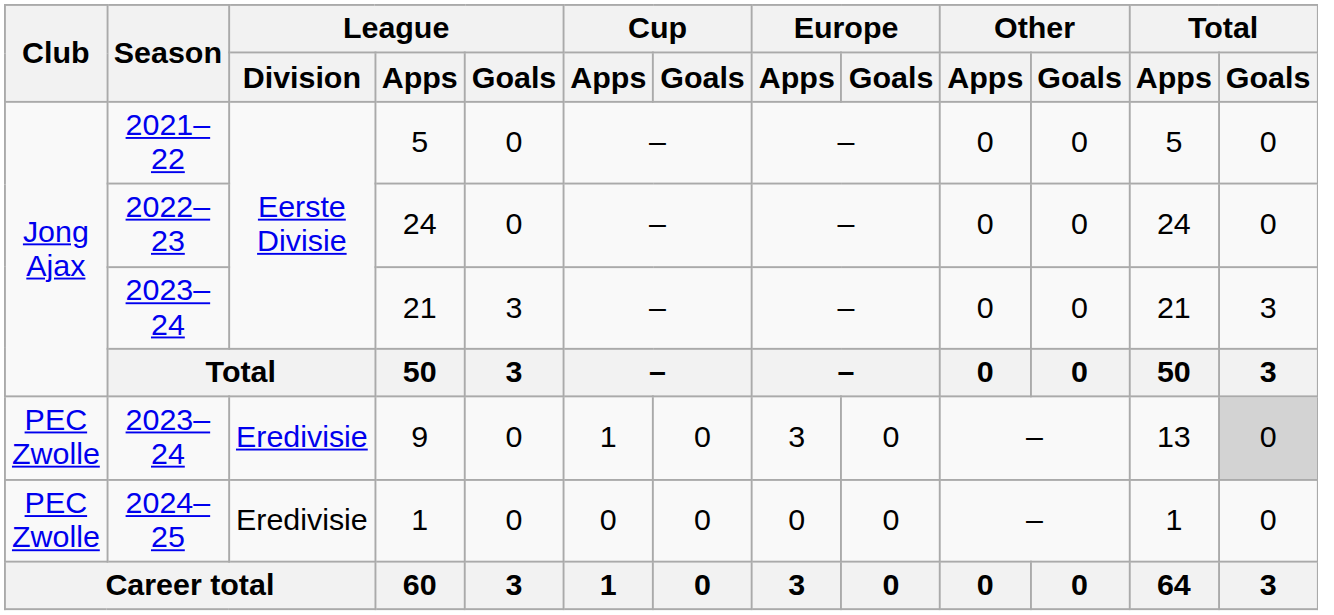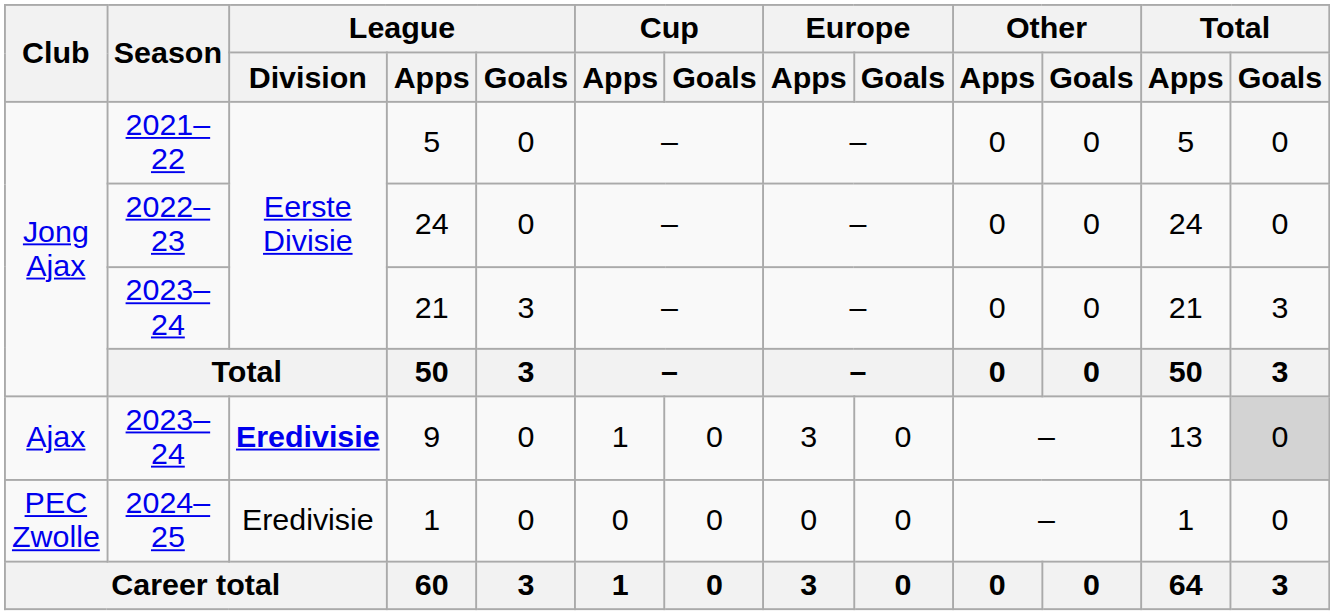 <table class="wikitable" style="text-align: center">
 <tr>
 <th rowspan="2">Club</th>
 <th rowspan="2">Season</th>
 <th colspan="3">League</th>
 <th colspan="2">Cup</th>
 <th colspan="2">Europe</th>
 <th colspan="2">Other</th>
 <th colspan="2">Total</th>
 </tr>
 <tr>
 <th>Division</th>
 <th>Apps</th>
 <th>Goals</th>
 <th>Apps</th>
 <th>Goals</th>
 <th>Apps</th>
 <th>Goals</th>
 <th>Apps</th>
 <th>Goals</th>
 <th>Apps</th>
 <th>Goals</th>
 </tr>
 <tr>
 <td rowspan="4"><a href='#'>Jong Ajax</a></td>
 <td><a href='#'>2021–22</a></td>
 <td rowspan="3"><a href='#'>Eerste Divisie</a></td>
 <td>5</td>
 <td>0</td>
 <td colspan="2">–</td>
 <td colspan="2">–</td>
 <td>0</td>
 <td>0</td>
 <td>5</td>
 <td>0</td>
 </tr>
 <tr>
 <td><a href='#'>2022–23</a></td>
 <td>24</td>
 <td>0</td>
 <td colspan="2">–</td>
 <td colspan="2">–</td>
 <td>0</td>
 <td>0</td>
 <td>24</td>
 <td>0</td>
 </tr>
 <tr>
 <td><a href='#'>2023–24</a></td>
 <td>21</td>
 <td>3</td>
 <td colspan="2">–</td>
 <td colspan="2">–</td>
 <td>0</td>
 <td>0</td>
 <td>21</td>
 <td>3</td>
 </tr>
 <tr>
 <th colspan="2">Total</th>
 <th>50</th>
 <th>3</th>
 <th colspan="2">–</th>
 <th colspan="2">–</th>
 <th>0</th>
 <th>0</th>
 <th>50</th>
 <th>3</th>
 </tr>
 <tr>
-<td><a href='#'>PEC Zwolle</a></td>
+<td><a href='#'>Ajax</a></td>
 <td><a href='#'>2023–24</a></td>
-<td><a href='#'>Eredivisie</a></td>
+<td><strong><a href='#'>Eredivisie</a></strong></td>
 <td>9</td>
 <td>0</td>
 <td>1</td>
 <td>0</td>
 <td>3</td>
 <td>0</td>
 <td colspan="2">–</td>
 <td>13</td>
 <td style="background: lightgrey;">0</td>
 </tr>
 <tr>
 <td><a href='#'>PEC Zwolle</a></td>
 <td><a href='#'>2024–25</a></td>
 <td>Eredivisie</td>
 <td>1</td>
 <td>0</td>
 <td>0</td>
 <td>0</td>
 <td>0</td>
 <td>0</td>
 <td colspan="2">–</td>
 <td>1</td>
 <td>0</td>
 </tr>
 <tr>
 <th colspan="3"><strong>Career total</strong></th>
 <th>60</th>
 <th>3</th>
 <th>1</th>
 <th>0</th>
 <th>3</th>
 <th>0</th>
 <th>0</th>
 <th>0</th>
 <th>64</th>
 <th>3</th>
 </tr>
 </table>
